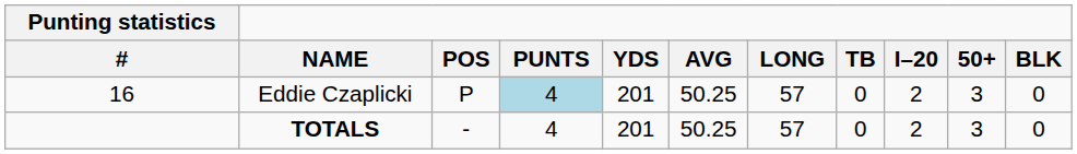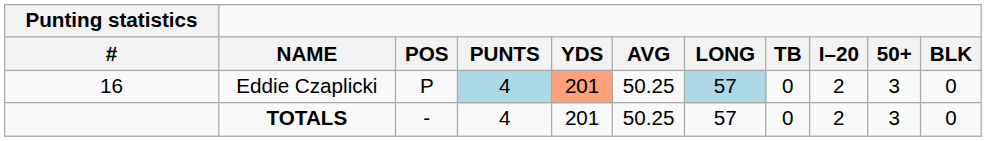 <table style="width:60%; text-align:center;" class="wikitable collapsible collapsed">
 <tr>
 <th style="text-align:center; ">Punting statistics</th>
 </tr>
 <tr>
 <th>#</th>
 <th>NAME</th>
 <th>POS</th>
 <th>PUNTS</th>
 <th>YDS</th>
 <th>AVG</th>
 <th>LONG</th>
 <th>TB</th>
 <th>I–20</th>
 <th>50+</th>
 <th>BLK</th>
 </tr>
 <tr>
 <td>16</td>
 <td>Eddie Czaplicki</td>
 <td>P</td>
 <td style="background: lightblue;">4</td>
-<td>201</td>
+<td style="background: lightsalmon;">201</td>
 <td>50.25</td>
-<td>57</td>
+<td style="background: lightblue;">57</td>
 <td>0</td>
 <td>2</td>
 <td>3</td>
 <td>0</td>
 </tr>
 <tr>
 <td></td>
 <td><strong>TOTALS</strong></td>
 <td>-</td>
 <td>4</td>
 <td>201</td>
 <td>50.25</td>
 <td>57</td>
 <td>0</td>
 <td>2</td>
 <td>3</td>
 <td>0</td>
 </tr>
 </table>
